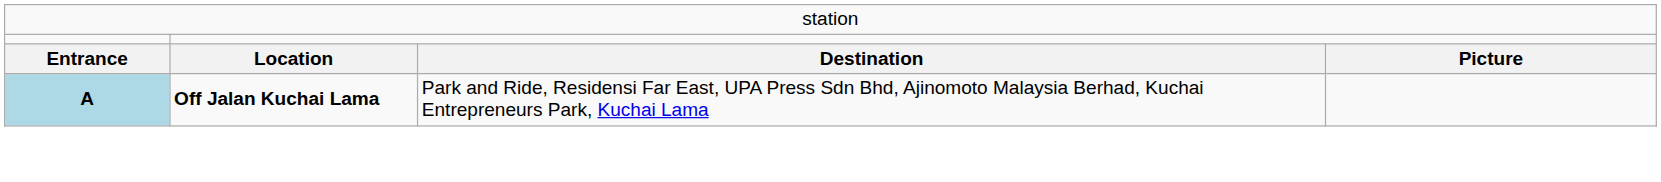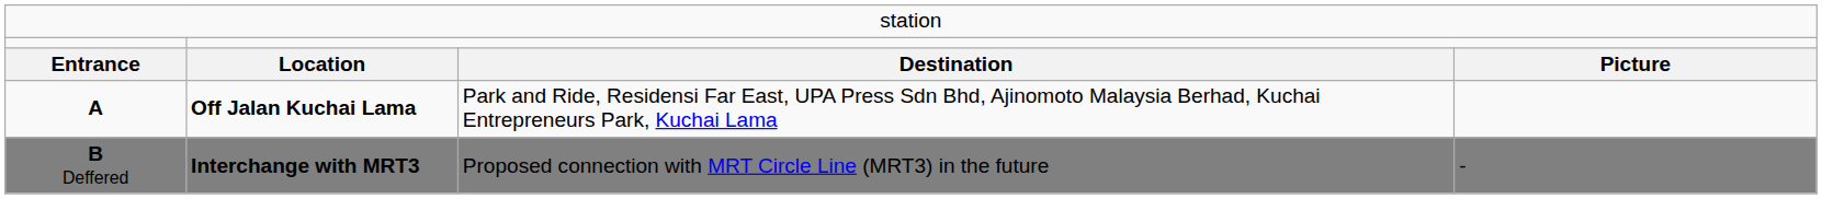 <table class="wikitable" style="width:70%">
 <tr>
 <td colspan="4" align="center"> station</td>
 </tr>
 <tr>
 <td></td>
 </tr>
 <tr>
 <th style="width:10%">Entrance</th>
 <th style="width:15%">Location</th>
 <th style="width:55%">Destination</th>
 <th style="width:20%">Picture</th>
 </tr>
 <tr>
-<td align="center" style="background: lightblue;"><strong><span>A</span></strong></td>
+<td align="center"><strong><span>A</span></strong></td>
 <td><strong>Off Jalan Kuchai Lama</strong></td>
 <td>Park and Ride, Residensi Far East, UPA Press Sdn Bhd, Ajinomoto Malaysia Berhad, Kuchai Entrepreneurs Park, <a href='#'>Kuchai Lama</a></td>
 <td></td>
 </tr>
+<tr style="background:grey;">
+<td align="center"><strong><span>B</span></strong><br><small>Deffered</small></td>
+<td><strong>Interchange with MRT3</strong></td>
+<td>Proposed connection with <a href='#'>MRT Circle Line</a> (MRT3) in the future</td>
+<td>-</td>
+</tr>
 </table>
